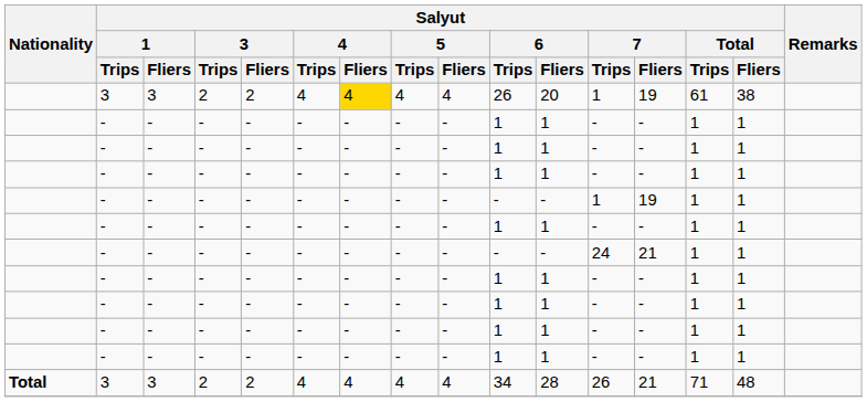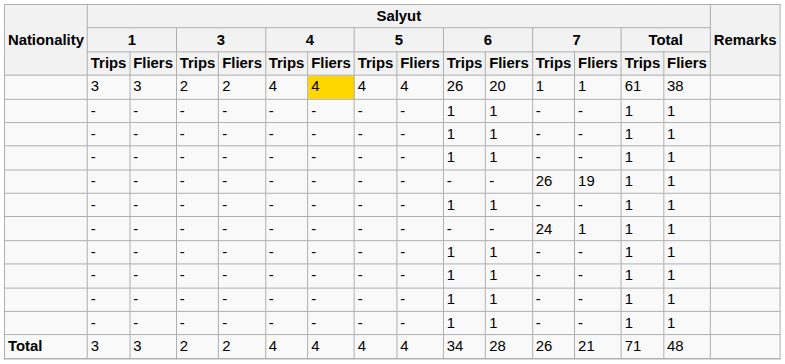 <table class="wikitable">
 <tr>
 <th rowspan=3>Nationality</th>
 <th colspan=14>Salyut</th>
 <th rowspan=3>Remarks</th>
 </tr>
 <tr>
 <th colspan=2>1</th>
 <th colspan=2>3</th>
 <th colspan=2>4</th>
 <th colspan=2>5</th>
 <th colspan=2>6</th>
 <th colspan=2>7</th>
 <th colspan=2>Total</th>
 </tr>
 <tr>
 <th>Trips</th>
 <th>Fliers</th>
 <th>Trips</th>
 <th>Fliers</th>
 <th>Trips</th>
 <th>Fliers</th>
 <th>Trips</th>
 <th>Fliers</th>
 <th>Trips</th>
 <th>Fliers</th>
 <th>Trips</th>
 <th>Fliers</th>
 <th>Trips</th>
 <th>Fliers</th>
 </tr>
 <tr>
 <td></td>
 <td>3</td>
 <td>3</td>
 <td>2</td>
 <td>2</td>
 <td>4</td>
 <td style="background: gold;">4</td>
 <td>4</td>
 <td>4</td>
 <td>26</td>
 <td>20</td>
 <td>1</td>
-<td>19</td>
+<td>1</td>
 <td>61</td>
 <td>38</td>
 <td></td>
 </tr>
 <tr>
 <td></td>
 <td>-</td>
 <td>-</td>
 <td>-</td>
 <td>-</td>
 <td>-</td>
 <td>-</td>
 <td>-</td>
 <td>-</td>
 <td>1</td>
 <td>1</td>
 <td>-</td>
 <td>-</td>
 <td>1</td>
 <td>1</td>
 <td></td>
 </tr>
 <tr>
 <td></td>
 <td>-</td>
 <td>-</td>
 <td>-</td>
 <td>-</td>
 <td>-</td>
 <td>-</td>
 <td>-</td>
 <td>-</td>
 <td>1</td>
 <td>1</td>
 <td>-</td>
 <td>-</td>
 <td>1</td>
 <td>1</td>
 <td></td>
 </tr>
 <tr>
 <td></td>
 <td>-</td>
 <td>-</td>
 <td>-</td>
 <td>-</td>
 <td>-</td>
 <td>-</td>
 <td>-</td>
 <td>-</td>
 <td>1</td>
 <td>1</td>
 <td>-</td>
 <td>-</td>
 <td>1</td>
 <td>1</td>
 <td></td>
 </tr>
 <tr>
 <td></td>
 <td>-</td>
 <td>-</td>
 <td>-</td>
 <td>-</td>
 <td>-</td>
 <td>-</td>
 <td>-</td>
 <td>-</td>
 <td>-</td>
 <td>-</td>
-<td>1</td>
+<td>26</td>
 <td>19</td>
 <td>1</td>
 <td>1</td>
 <td></td>
 </tr>
 <tr>
 <td></td>
 <td>-</td>
 <td>-</td>
 <td>-</td>
 <td>-</td>
 <td>-</td>
 <td>-</td>
 <td>-</td>
 <td>-</td>
 <td>1</td>
 <td>1</td>
 <td>-</td>
 <td>-</td>
 <td>1</td>
 <td>1</td>
 <td></td>
 </tr>
 <tr>
 <td></td>
 <td>-</td>
 <td>-</td>
 <td>-</td>
 <td>-</td>
 <td>-</td>
 <td>-</td>
 <td>-</td>
 <td>-</td>
 <td>-</td>
 <td>-</td>
 <td>24</td>
-<td>21</td>
+<td>1</td>
 <td>1</td>
 <td>1</td>
 <td></td>
 </tr>
 <tr>
 <td></td>
 <td>-</td>
 <td>-</td>
 <td>-</td>
 <td>-</td>
 <td>-</td>
 <td>-</td>
 <td>-</td>
 <td>-</td>
 <td>1</td>
 <td>1</td>
 <td>-</td>
 <td>-</td>
 <td>1</td>
 <td>1</td>
 <td></td>
 </tr>
 <tr>
 <td></td>
 <td>-</td>
 <td>-</td>
 <td>-</td>
 <td>-</td>
 <td>-</td>
 <td>-</td>
 <td>-</td>
 <td>-</td>
 <td>1</td>
 <td>1</td>
 <td>-</td>
 <td>-</td>
 <td>1</td>
 <td>1</td>
 <td></td>
 </tr>
 <tr>
 <td></td>
 <td>-</td>
 <td>-</td>
 <td>-</td>
 <td>-</td>
 <td>-</td>
 <td>-</td>
 <td>-</td>
 <td>-</td>
 <td>1</td>
 <td>1</td>
 <td>-</td>
 <td>-</td>
 <td>1</td>
 <td>1</td>
 <td></td>
 </tr>
 <tr>
 <td></td>
 <td>-</td>
 <td>-</td>
 <td>-</td>
 <td>-</td>
 <td>-</td>
 <td>-</td>
 <td>-</td>
 <td>-</td>
 <td>1</td>
 <td>1</td>
 <td>-</td>
 <td>-</td>
 <td>1</td>
 <td>1</td>
 <td></td>
 </tr>
 <tr>
 <td><strong>Total</strong></td>
 <td>3</td>
 <td>3</td>
 <td>2</td>
 <td>2</td>
 <td>4</td>
 <td>4</td>
 <td>4</td>
 <td>4</td>
 <td>34</td>
 <td>28</td>
 <td>26</td>
 <td>21</td>
 <td>71</td>
 <td>48</td>
 <td></td>
 </tr>
 <tr>
 </tr>
 </table>
